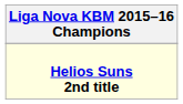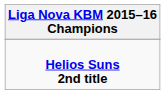 <table class="wikitable" style="text-align: center; margin: 0 auto;">
 <tr>
 <th><a href='#'>Liga Nova KBM</a> 2015–16<br>Champions</th>
 </tr>
 <tr>
 </tr>
 <tr>
-<td style="background: lightyellow;"> <br><strong><a href='#'>Helios Suns</a></strong><br><strong>2nd title</strong></td>
+<td> <br><strong><a href='#'>Helios Suns</a></strong><br><strong>2nd title</strong></td>
 </tr>
 </table>
